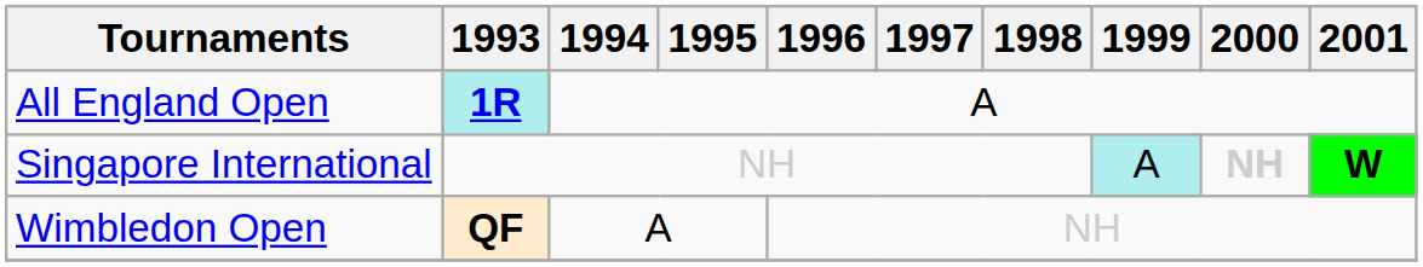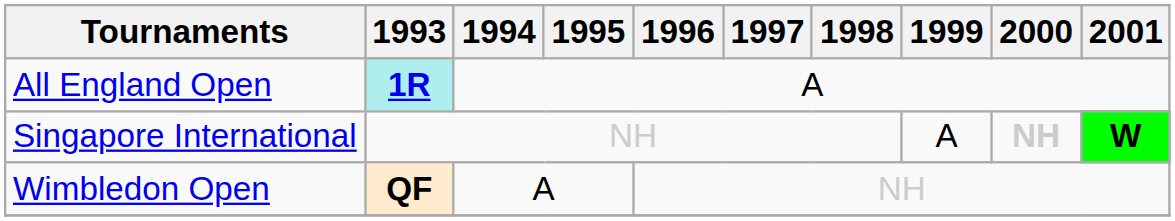 <table class="wikitable" style="font-size: 90%; text-align:center">
 <tr>
 <th>Tournaments</th>
 <th>1993</th>
 <th>1994</th>
 <th>1995</th>
 <th>1996</th>
 <th>1997</th>
 <th>1998</th>
 <th>1999</th>
 <th>2000</th>
 <th>2001</th>
 </tr>
 <tr>
 <td align=left><a href='#'>All England Open</a></td>
 <td bgcolor=AFEEEE><strong><a href='#'>1R</a></strong></td>
 <td colspan="8">A</td>
 </tr>
 <tr>
 <td align=left><a href='#'>Singapore International</a></td>
 <td colspan="6" style=color:#ccc>NH</td>
-<td style="background: paleturquoise;">A</td>
+<td>A</td>
 <td style=color:#ccc><strong>NH</strong></td>
 <td bgcolor=00FF00><strong>W</strong></td>
 </tr>
 <tr>
 <td align=left><a href='#'>Wimbledon Open</a></td>
 <td bgcolor=FFEBCD><strong>QF</strong></td>
 <td colspan="2">A</td>
 <td colspan="6" style=color:#ccc>NH</td>
 </tr>
 <tr>
 </tr>
 </table>
